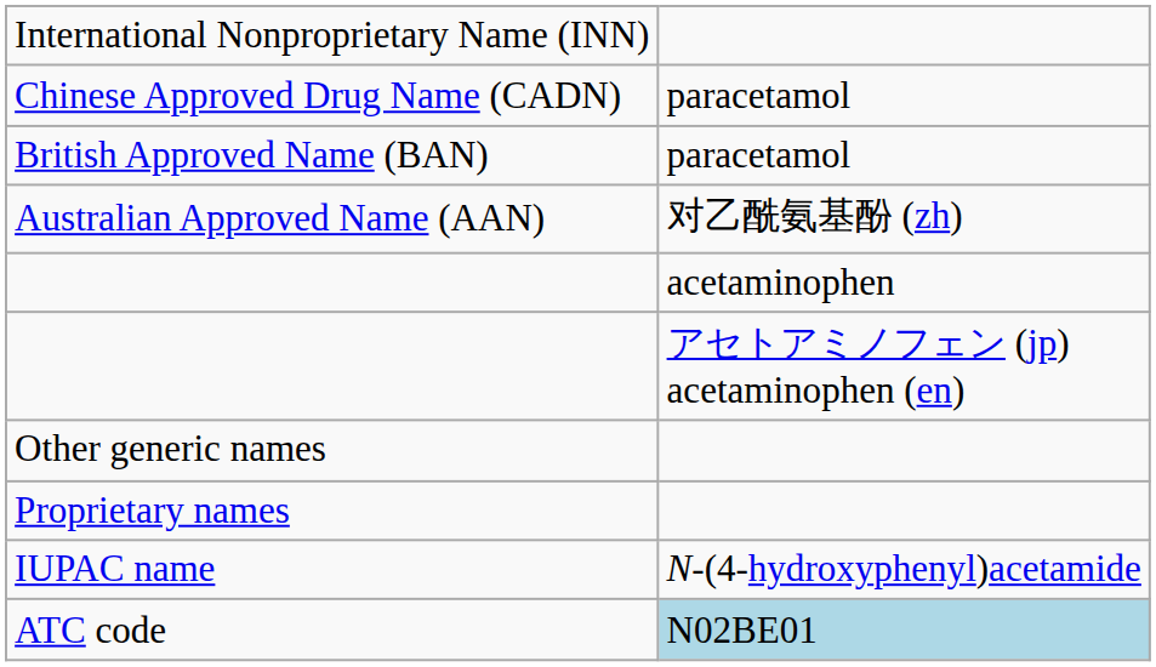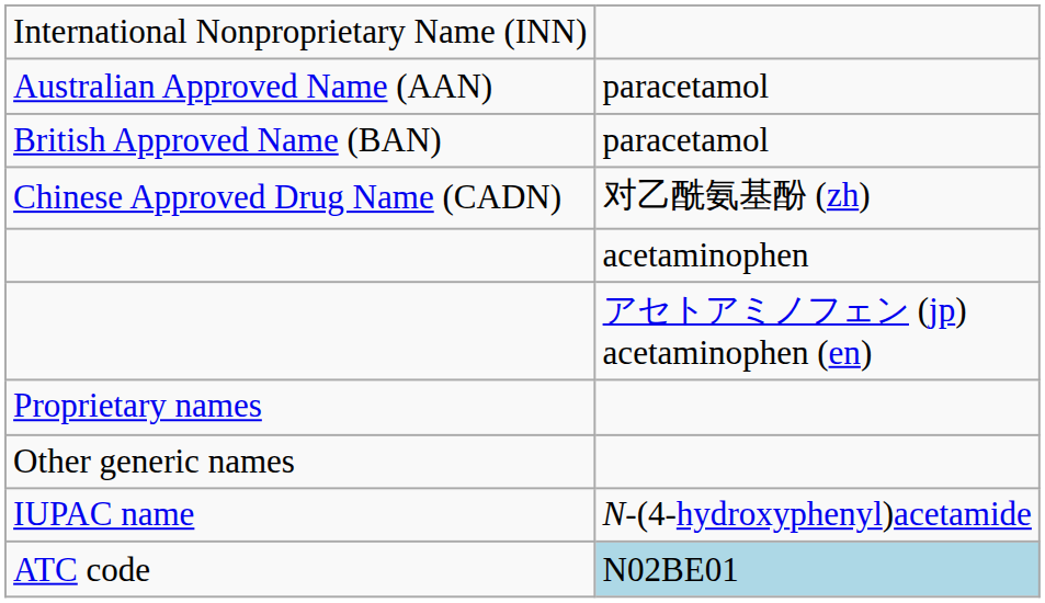 <table class="wikitable">
 <tr>
 <td>International Nonproprietary Name (INN)</td>
 <td></td>
 </tr>
 <tr>
-<td><a href='#'>Chinese Approved Drug Name</a> (CADN)</td>
+<td><a href='#'>Australian Approved Name</a> (AAN)</td>
 <td>paracetamol</td>
 </tr>
 <tr>
 <td><a href='#'>British Approved Name</a> (BAN)</td>
 <td>paracetamol</td>
 </tr>
 <tr>
-<td><a href='#'>Australian Approved Name</a> (AAN)</td>
+<td><a href='#'>Chinese Approved Drug Name</a> (CADN)</td>
 <td>对乙酰氨基酚 (<a href='#'>zh</a>)</td>
 </tr>
 <tr>
 <td></td>
 <td>acetaminophen</td>
 </tr>
 <tr>
 <td></td>
 <td><a href='#'>アセトアミノフェン</a> (<a href='#'>jp</a>)<br> acetaminophen (<a href='#'>en</a>)</td>
 </tr>
 <tr>
-<td>Other generic names</td>
+<td><a href='#'>Proprietary names</a></td>
 <td></td>
 </tr>
 <tr>
-<td><a href='#'>Proprietary names</a></td>
+<td>Other generic names</td>
 <td></td>
 </tr>
 <tr>
 <td><a href='#'>IUPAC name</a></td>
 <td><em>N</em>-(4-<a href='#'>hydroxy</a><a href='#'>phenyl</a>)<a href='#'>acetamide</a></td>
 </tr>
 <tr>
 <td><a href='#'>ATC</a> code</td>
 <td style="background: lightblue;">N02BE01</td>
 </tr>
 </table>
